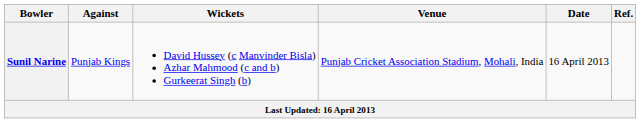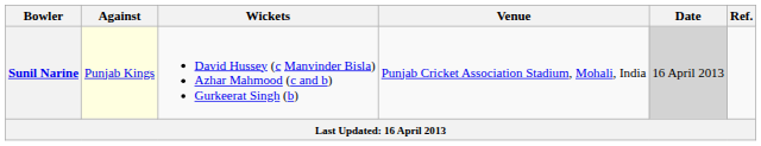 <table class="wikitable sortable" style="text-align:left;font-size:96%;">
 <tr>
 <th>Bowler</th>
 <th>Against</th>
 <th>Wickets</th>
 <th>Venue</th>
 <th>Date</th>
 <th>Ref.</th>
 </tr>
 <tr>
 <th scope="row" style="text-align:center;"><a href='#'>Sunil Narine</a></th>
-<td><a href='#'>Punjab Kings</a></td>
+<td style="background: lightyellow;"><a href='#'>Punjab Kings</a></td>
 <td><br><ul><li><a href='#'>David Hussey</a> (<a href='#'>c</a> <a href='#'>Manvinder Bisla</a>)</li><li><a href='#'>Azhar Mahmood</a> (<a href='#'>c and b</a>)</li><li><a href='#'>Gurkeerat Singh</a> (<a href='#'>b</a>)</li></ul></td>
 <td><a href='#'>Punjab Cricket Association Stadium</a>, <a href='#'>Mohali</a>, India</td>
-<td>16 April 2013</td>
+<td style="background: lightgrey;">16 April 2013</td>
 <td></td>
 </tr>
 <tr class=sortbottom>
 <th colspan=7><small>Last Updated: 16 April 2013</small></th>
 </tr>
 </table>
